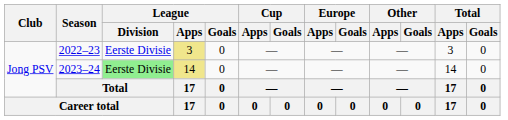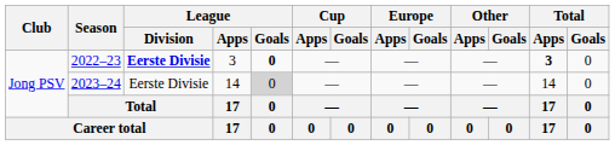 <table class="wikitable" Style="text-align: center">
 <tr>
 <th rowspan="2">Club</th>
 <th rowspan="2">Season</th>
 <th colspan="3">League</th>
 <th colspan="2">Cup</th>
 <th colspan="2">Europe</th>
 <th colspan="2">Other</th>
 <th colspan="2">Total</th>
 </tr>
 <tr>
 <th>Division</th>
 <th>Apps</th>
 <th>Goals</th>
 <th>Apps</th>
 <th>Goals</th>
 <th>Apps</th>
 <th>Goals</th>
 <th>Apps</th>
 <th>Goals</th>
 <th>Apps</th>
 <th>Goals</th>
 </tr>
 <tr>
 <td rowspan="3"><a href='#'>Jong PSV</a></td>
 <td><a href='#'>2022–23</a></td>
-<td><a href='#'>Eerste Divisie</a></td>
-<td style="background: khaki;">3</td>
-<td>0</td>
+<td><strong><a href='#'>Eerste Divisie</a></strong></td>
+<td>3</td>
+<td><strong>0</strong></td>
 <td colspan="2">—</td>
 <td colspan="2">—</td>
 <td colspan="2">—</td>
-<td>3</td>
+<td><strong>3</strong></td>
 <td>0</td>
 </tr>
 <tr>
 <td><a href='#'>2023–24</a></td>
-<td style="background: lightgreen;">Eerste Divisie</td>
-<td style="background: khaki;">14</td>
-<td>0</td>
+<td>Eerste Divisie</td>
+<td>14</td>
+<td style="background: lightgrey;">0</td>
 <td colspan="2">—</td>
 <td colspan="2">—</td>
 <td colspan="2">—</td>
 <td>14</td>
 <td>0</td>
 </tr>
 <tr>
 <th colspan="2">Total</th>
 <th>17</th>
 <th>0</th>
 <th colspan="2">—</th>
 <th colspan="2">—</th>
 <th colspan="2">—</th>
 <th>17</th>
 <th>0</th>
 </tr>
 <tr>
 <th colspan="3">Career total</th>
 <th>17</th>
 <th>0</th>
 <th>0</th>
 <th>0</th>
 <th>0</th>
 <th>0</th>
 <th>0</th>
 <th>0</th>
 <th>17</th>
 <th>0</th>
 </tr>
 </table>
